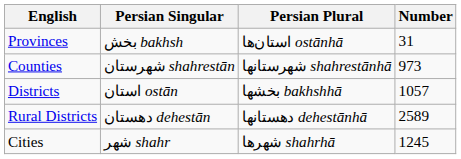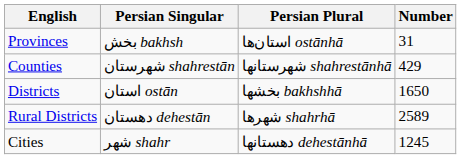 <table class="wikitable">
 <tr>
 <th>English</th>
 <th>Persian Singular</th>
 <th>Persian Plural</th>
 <th>Number</th>
 </tr>
 <tr>
 <td><a href='#'>Provinces</a></td>
 <td>بخش <em>bakhsh</em></td>
 <td>استان‌ها <em>ostānhā</em></td>
 <td>31</td>
 </tr>
 <tr>
 <td><a href='#'>Counties</a></td>
 <td>شهرستان <em>shahrestān</em></td>
 <td>شهرستانها <em>shahrestānhā</em></td>
-<td>973</td>
+<td>429</td>
 </tr>
 <tr>
 <td><a href='#'>Districts</a></td>
 <td>استان <em>ostān</em></td>
 <td>بخشها <em>bakhshhā</em></td>
-<td>1057</td>
+<td>1650</td>
 </tr>
 <tr>
 <td><a href='#'>Rural Districts</a></td>
 <td>دهستان <em>dehestān</em></td>
-<td>دهستانها <em>dehestānhā</em></td>
+<td>شهرها <em>shahrhā</em></td>
 <td>2589</td>
 </tr>
 <tr>
 <td>Cities</td>
 <td>شهر <em>shahr</em></td>
-<td>شهرها <em>shahrhā</em></td>
+<td>دهستانها <em>dehestānhā</em></td>
 <td>1245</td>
 </tr>
 </table>
